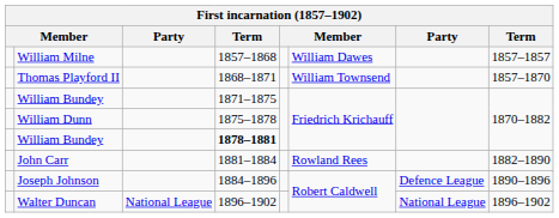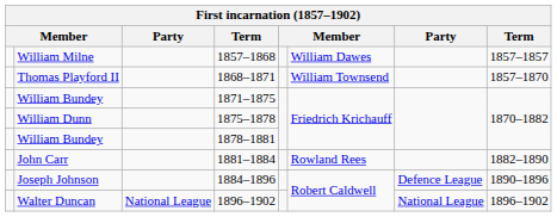 <table class="wikitable">
 <tr>
 <th colspan=8>First incarnation (1857–1902)</th>
 </tr>
 <tr>
 <th colspan=2>Member</th>
 <th>Party</th>
 <th>Term</th>
 <th colspan=2>Member</th>
 <th>Party</th>
 <th>Term</th>
 </tr>
 <tr>
 <td rowspan=2 > </td>
 <td rowspan=2><a href='#'>William Milne</a></td>
 <td rowspan=2></td>
 <td rowspan=2>1857–1868</td>
 <td> </td>
 <td><a href='#'>William Dawes</a></td>
 <td></td>
 <td>1857–1857</td>
 </tr>
 <tr>
 <td rowspan=2 > </td>
 <td rowspan=2><a href='#'>William Townsend</a></td>
 <td rowspan=2></td>
 <td rowspan=2>1857–1870</td>
 </tr>
 <tr>
 <td rowspan=2 > </td>
 <td rowspan=2><a href='#'>Thomas Playford II</a></td>
 <td rowspan=2></td>
 <td rowspan=2>1868–1871</td>
 </tr>
 <tr>
 <td rowspan=5 > </td>
 <td rowspan=5><a href='#'>Friedrich Krichauff</a></td>
 <td rowspan=5></td>
 <td rowspan=5>1870–1882</td>
 </tr>
 <tr>
 <td> </td>
 <td><a href='#'>William Bundey</a></td>
 <td></td>
 <td>1871–1875</td>
 </tr>
 <tr>
 <td> </td>
 <td><a href='#'>William Dunn</a></td>
 <td></td>
 <td>1875–1878</td>
 </tr>
 <tr>
 <td> </td>
 <td><a href='#'>William Bundey</a></td>
 <td></td>
-<td><strong>1878–1881</strong></td>
+<td>1878–1881</td>
 </tr>
 <tr>
 <td rowspan=2 > </td>
 <td rowspan=2><a href='#'>John Carr</a></td>
 <td rowspan=2></td>
 <td rowspan=2>1881–1884</td>
 </tr>
 <tr>
 <td rowspan=2 > </td>
 <td rowspan=2><a href='#'>Rowland Rees</a></td>
 <td rowspan=2></td>
 <td rowspan=2>1882–1890</td>
 </tr>
 <tr>
 <td rowspan=2 > </td>
 <td rowspan=2><a href='#'>Joseph Johnson</a></td>
 <td rowspan=2></td>
 <td rowspan=2>1884–1896</td>
 </tr>
 <tr>
 <td> </td>
 <td rowspan=2><a href='#'>Robert Caldwell</a></td>
 <td><a href='#'>Defence League</a></td>
 <td>1890–1896</td>
 </tr>
 <tr>
 <td> </td>
 <td><a href='#'>Walter Duncan</a></td>
 <td><a href='#'>National League</a></td>
 <td>1896–1902</td>
 <td> </td>
 <td><a href='#'>National League</a></td>
 <td>1896–1902</td>
 </tr>
 </table>
